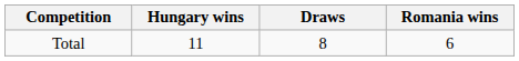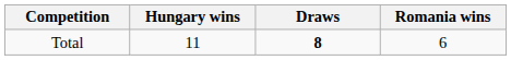 <table class="wikitable" style="text-align:center">
 <tr>
 <th width=120>Competition</th>
 <th width=120>Hungary wins</th>
 <th width=120>Draws</th>
 <th width=120>Romania wins</th>
 </tr>
 <tr>
 <td>Total</td>
 <td>11</td>
-<td>8</td>
+<td><strong>8</strong></td>
 <td>6</td>
 </tr>
 </table>
